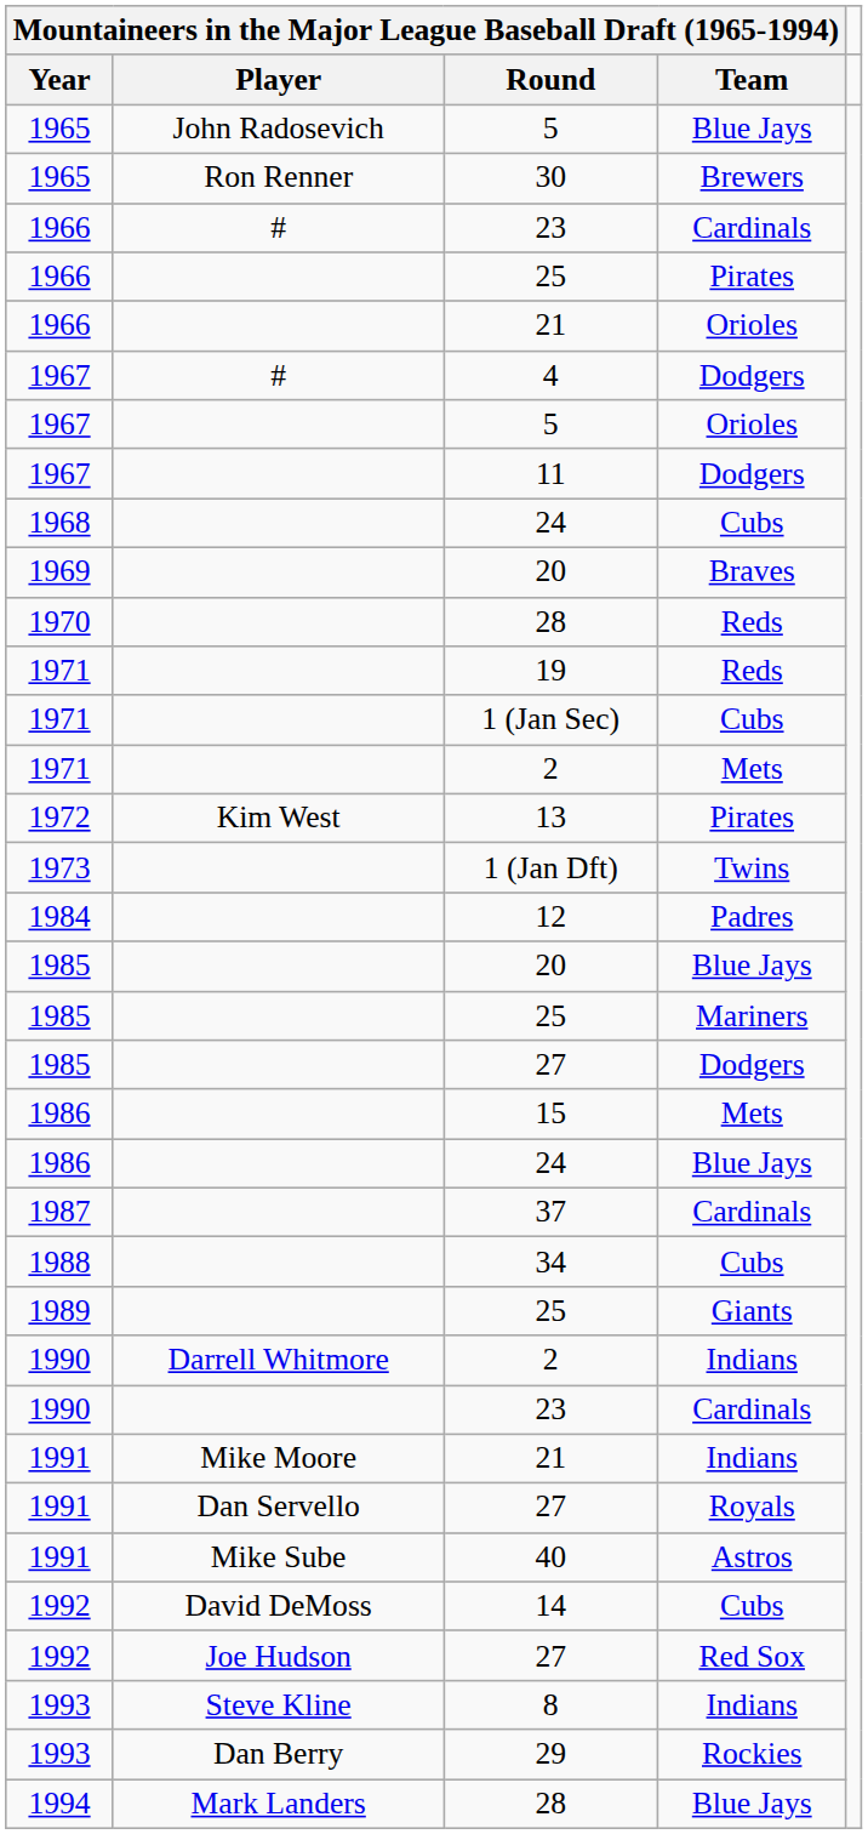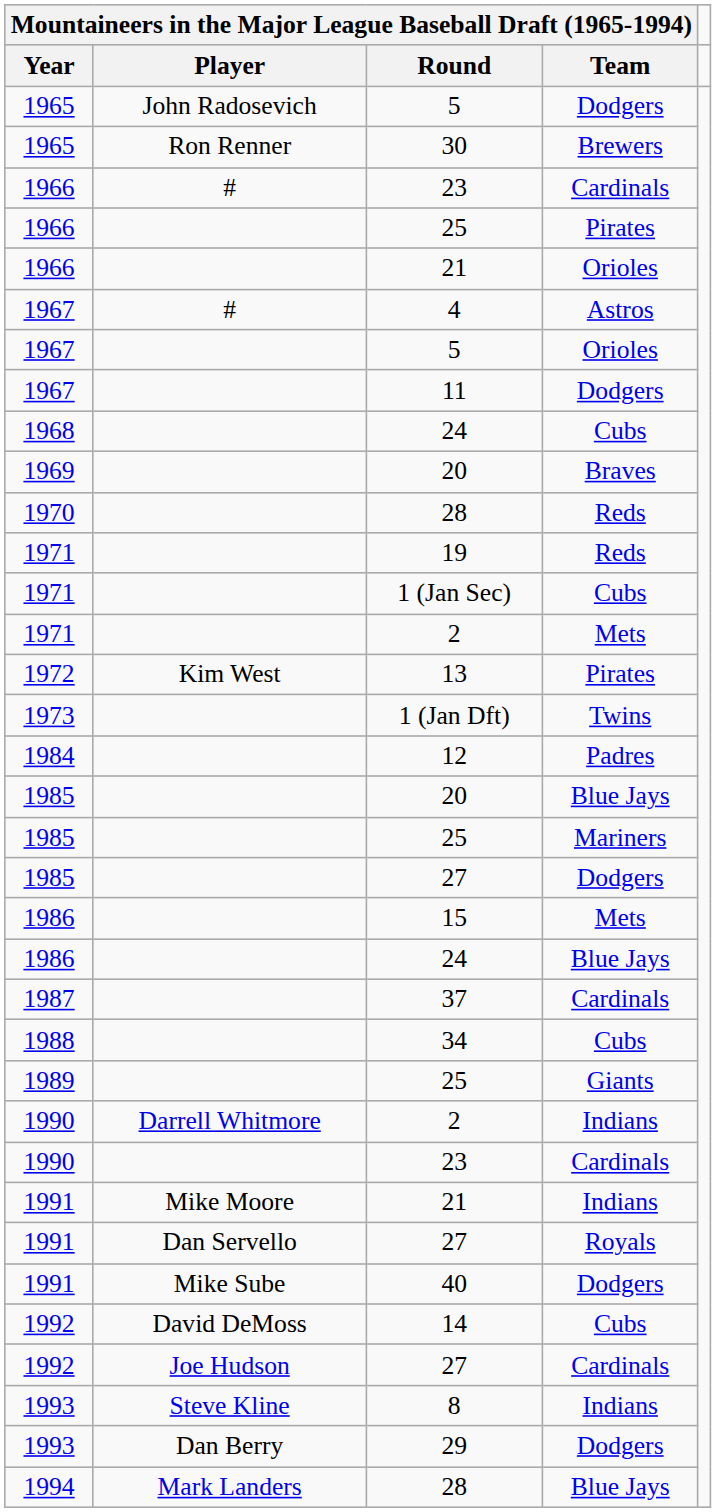 <table class="wikitable sortable collapsible collapsed" style="text-align:center">
 <tr>
 <th colspan=4>Mountaineers  in the Major League Baseball Draft (1965-1994)</th>
 </tr>
 <tr>
 <th>Year</th>
 <th>Player</th>
 <th>Round</th>
 <th>Team</th>
 <td></td>
 </tr>
 <tr>
 <td><a href='#'>1965</a></td>
 <td>John Radosevich</td>
 <td>5</td>
-<td><a href='#'>Blue Jays</a></td>
+<td><a href='#'>Dodgers</a></td>
 </tr>
 <tr>
 <td><a href='#'>1965</a></td>
 <td>Ron Renner</td>
 <td>30</td>
 <td><a href='#'>Brewers</a></td>
 </tr>
 <tr>
 <td><a href='#'>1966</a></td>
 <td>#</td>
 <td>23</td>
 <td><a href='#'>Cardinals</a></td>
 </tr>
 <tr>
 <td><a href='#'>1966</a></td>
 <td></td>
 <td>25</td>
 <td><a href='#'>Pirates</a></td>
 </tr>
 <tr>
 <td><a href='#'>1966</a></td>
 <td></td>
 <td>21</td>
 <td><a href='#'>Orioles</a></td>
 </tr>
 <tr>
 <td><a href='#'>1967</a></td>
 <td>#</td>
 <td>4</td>
-<td><a href='#'>Dodgers</a></td>
+<td><a href='#'>Astros</a></td>
 </tr>
 <tr>
 <td><a href='#'>1967</a></td>
 <td></td>
 <td>5</td>
 <td><a href='#'>Orioles</a></td>
 </tr>
 <tr>
 <td><a href='#'>1967</a></td>
 <td></td>
 <td>11</td>
 <td><a href='#'>Dodgers</a></td>
 </tr>
 <tr>
 <td><a href='#'>1968</a></td>
 <td></td>
 <td>24</td>
 <td><a href='#'>Cubs</a></td>
 </tr>
 <tr>
 <td><a href='#'>1969</a></td>
 <td></td>
 <td>20</td>
 <td><a href='#'>Braves</a></td>
 </tr>
 <tr>
 <td><a href='#'>1970</a></td>
 <td></td>
 <td>28</td>
 <td><a href='#'>Reds</a></td>
 </tr>
 <tr>
 <td><a href='#'>1971</a></td>
 <td></td>
 <td>19</td>
 <td><a href='#'>Reds</a></td>
 </tr>
 <tr>
 <td><a href='#'>1971</a></td>
 <td></td>
 <td>1 (Jan Sec)</td>
 <td><a href='#'>Cubs</a></td>
 </tr>
 <tr>
 <td><a href='#'>1971</a></td>
 <td></td>
 <td>2</td>
 <td><a href='#'>Mets</a></td>
 </tr>
 <tr>
 <td><a href='#'>1972</a></td>
 <td>Kim West</td>
 <td>13</td>
 <td><a href='#'>Pirates</a></td>
 </tr>
 <tr>
 <td><a href='#'>1973</a></td>
 <td></td>
 <td>1 (Jan Dft)</td>
 <td><a href='#'>Twins</a></td>
 </tr>
 <tr>
 <td><a href='#'>1984</a></td>
 <td></td>
 <td>12</td>
 <td><a href='#'>Padres</a></td>
 </tr>
 <tr>
 <td><a href='#'>1985</a></td>
 <td></td>
 <td>20</td>
 <td><a href='#'>Blue Jays</a></td>
 </tr>
 <tr>
 <td><a href='#'>1985</a></td>
 <td></td>
 <td>25</td>
 <td><a href='#'>Mariners</a></td>
 </tr>
 <tr>
 <td><a href='#'>1985</a></td>
 <td></td>
 <td>27</td>
 <td><a href='#'>Dodgers</a></td>
 </tr>
 <tr>
 <td><a href='#'>1986</a></td>
 <td></td>
 <td>15</td>
 <td><a href='#'>Mets</a></td>
 </tr>
 <tr>
 <td><a href='#'>1986</a></td>
 <td></td>
 <td>24</td>
 <td><a href='#'>Blue Jays</a></td>
 </tr>
 <tr>
 <td><a href='#'>1987</a></td>
 <td></td>
 <td>37</td>
 <td><a href='#'>Cardinals</a></td>
 </tr>
 <tr>
 <td><a href='#'>1988</a></td>
 <td></td>
 <td>34</td>
 <td><a href='#'>Cubs</a></td>
 </tr>
 <tr>
 <td><a href='#'>1989</a></td>
 <td></td>
 <td>25</td>
 <td><a href='#'>Giants</a></td>
 </tr>
 <tr>
 <td><a href='#'>1990</a></td>
 <td><a href='#'>Darrell Whitmore</a></td>
 <td>2</td>
 <td><a href='#'>Indians</a></td>
 </tr>
 <tr>
 <td><a href='#'>1990</a></td>
 <td></td>
 <td>23</td>
 <td><a href='#'>Cardinals</a></td>
 </tr>
 <tr>
 <td><a href='#'>1991</a></td>
 <td>Mike Moore</td>
 <td>21</td>
 <td><a href='#'>Indians</a></td>
 </tr>
 <tr>
 <td><a href='#'>1991</a></td>
 <td>Dan Servello</td>
 <td>27</td>
 <td><a href='#'>Royals</a></td>
 </tr>
 <tr>
 <td><a href='#'>1991</a></td>
 <td>Mike Sube</td>
 <td>40</td>
-<td><a href='#'>Astros</a></td>
+<td><a href='#'>Dodgers</a></td>
 </tr>
 <tr>
 <td><a href='#'>1992</a></td>
 <td>David DeMoss</td>
 <td>14</td>
 <td><a href='#'>Cubs</a></td>
 </tr>
 <tr>
 <td><a href='#'>1992</a></td>
 <td><a href='#'>Joe Hudson</a></td>
 <td>27</td>
-<td><a href='#'>Red Sox</a></td>
+<td><a href='#'>Cardinals</a></td>
 </tr>
 <tr>
 <td><a href='#'>1993</a></td>
 <td><a href='#'>Steve Kline</a></td>
 <td>8</td>
 <td><a href='#'>Indians</a></td>
 </tr>
 <tr>
 <td><a href='#'>1993</a></td>
 <td>Dan Berry</td>
 <td>29</td>
-<td><a href='#'>Rockies</a></td>
+<td><a href='#'>Dodgers</a></td>
 </tr>
 <tr>
 <td><a href='#'>1994</a></td>
 <td><a href='#'>Mark Landers</a></td>
 <td>28</td>
 <td><a href='#'>Blue Jays</a></td>
 </tr>
 </table>
